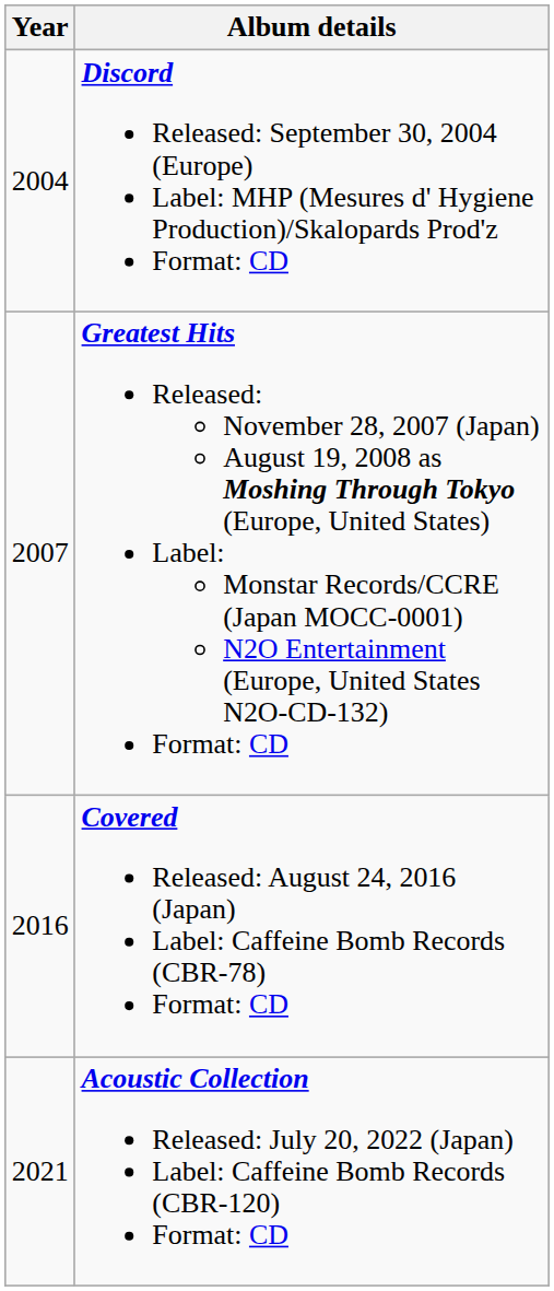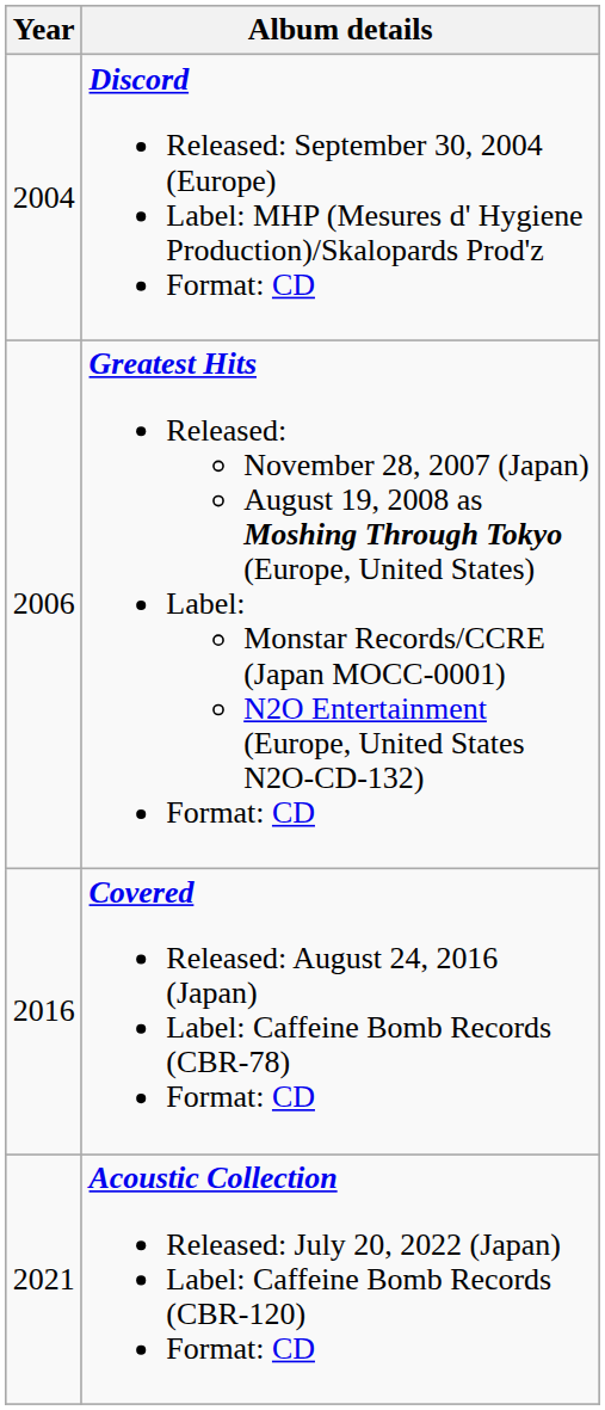 <table class="wikitable" border="1">
 <tr>
 <th>Year</th>
 <th width="260">Album details</th>
 </tr>
 <tr>
 <td>2004</td>
 <td><strong><em><a href='#'>Discord</a></em></strong><br><ul><li>Released: September 30, 2004 (Europe)</li><li>Label: MHP (Mesures d' Hygiene Production)/Skalopards Prod'z</li><li>Format: <a href='#'>CD</a></li></ul></td>
 </tr>
 <tr>
-<td>2007</td>
+<td>2006</td>
 <td><strong><em><a href='#'>Greatest Hits</a></em></strong><br><ul><li>Released:<ul><li>November 28, 2007 (Japan)</li><li>August 19, 2008 as <strong><em>Moshing Through Tokyo</em></strong> (Europe, United States)</li></ul></li><li>Label:<ul><li>Monstar Records/CCRE (Japan MOCC-0001)</li><li><a href='#'>N2O Entertainment</a> (Europe, United States N2O-CD-132)</li></ul></li><li>Format: <a href='#'>CD</a></li></ul></td>
 </tr>
 <tr>
 <td>2016</td>
 <td><strong><em><a href='#'>Covered</a></em></strong><br><ul><li>Released: August 24, 2016 (Japan)</li><li>Label: Caffeine Bomb Records (CBR-78)</li><li>Format: <a href='#'>CD</a></li></ul></td>
 </tr>
 <tr>
 <td>2021</td>
 <td><strong><em><a href='#'>Acoustic Collection</a></em></strong><br><ul><li>Released: July 20, 2022 (Japan)</li><li>Label: Caffeine Bomb Records (CBR-120)</li><li>Format: <a href='#'>CD</a></li></ul></td>
 </tr>
 </table>
